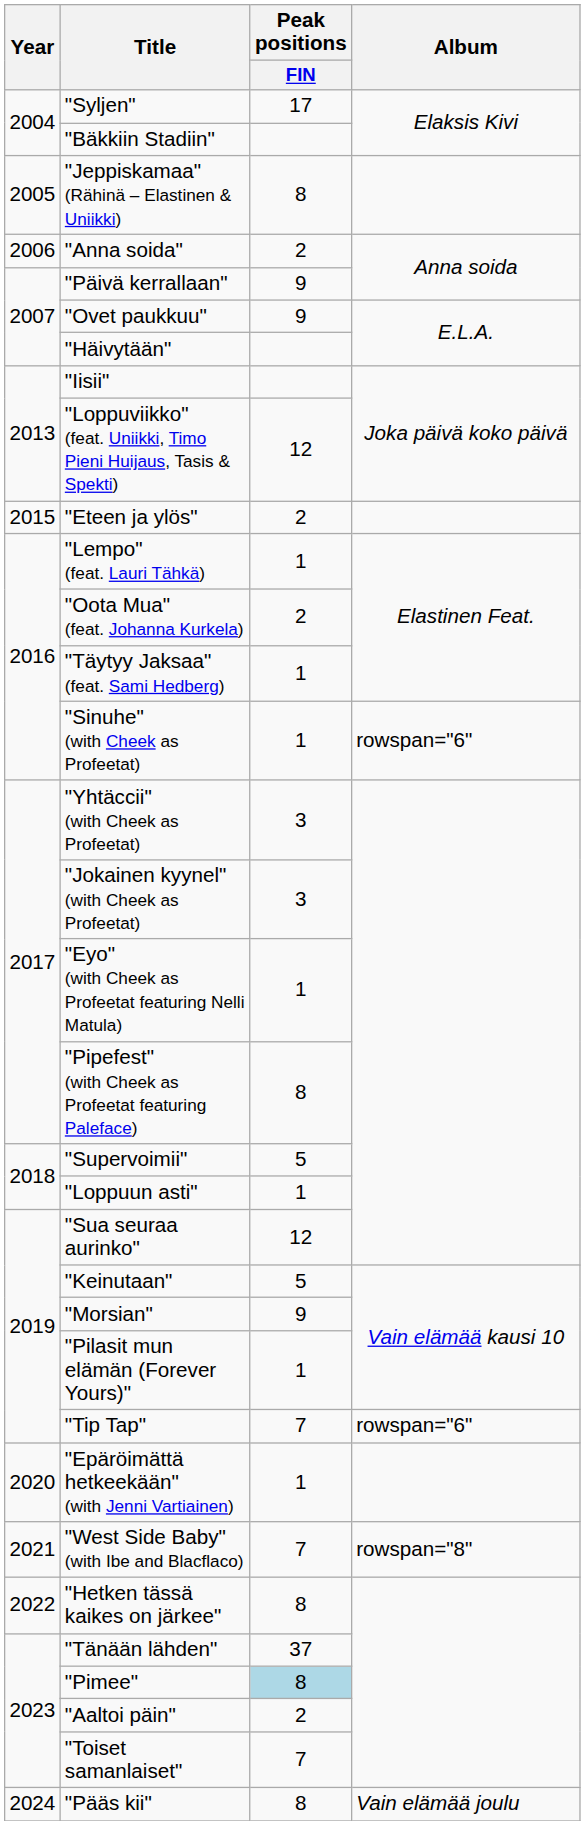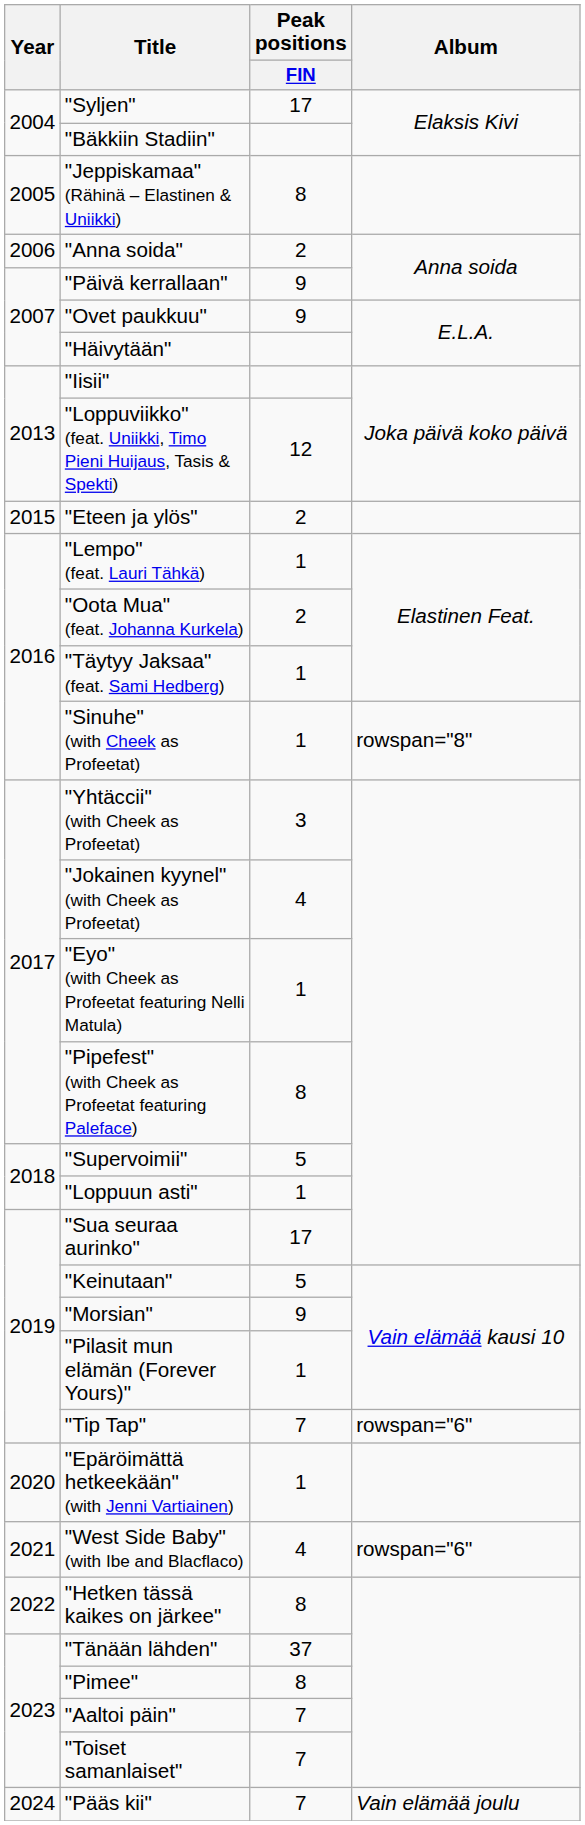 <table class="wikitable">
 <tr>
 <th scope="col" rowspan="2" width="10">Year</th>
 <th scope="col" rowspan="2" width="140">Title</th>
 <th scope="col" colspan="1" width="20">Peak positions</th>
 <th scope="col" rowspan="2" width="170">Album</th>
 </tr>
 <tr>
 <th scope="col" style="width:3em;font-size:90%;"><a href='#'>FIN</a><br></th>
 </tr>
 <tr>
 <td style="text-align:center;" rowspan=2>2004</td>
 <td>"Syljen"</td>
 <td style="text-align:center;">17</td>
 <td style="text-align:center;" rowspan=2><em>Elaksis Kivi</em></td>
 </tr>
 <tr>
 <td>"Bäkkiin Stadiin"</td>
 <td style="text-align:center;"></td>
 </tr>
 <tr>
 <td style="text-align:center;">2005</td>
 <td>"Jeppiskamaa" <br><small>(Rähinä – Elastinen & <a href='#'>Uniikki</a>)</small></td>
 <td style="text-align:center;">8</td>
 <td></td>
 </tr>
 <tr>
 <td style="text-align:center;">2006</td>
 <td>"Anna soida"</td>
 <td style="text-align:center;">2</td>
 <td style="text-align:center;" rowspan=2><em>Anna soida</em></td>
 </tr>
 <tr>
 <td style="text-align:center;" rowspan=3>2007</td>
 <td>"Päivä kerrallaan"</td>
 <td style="text-align:center;">9</td>
 </tr>
 <tr>
 <td>"Ovet paukkuu"</td>
 <td style="text-align:center;">9</td>
 <td style="text-align:center;" rowspan=2><em>E.L.A.</em></td>
 </tr>
 <tr>
 <td>"Häivytään"</td>
 <td style="text-align:center;"></td>
 </tr>
 <tr>
 <td style="text-align:center;" rowspan=2>2013</td>
 <td>"Iisii"</td>
 <td style="text-align:center;"></td>
 <td style="text-align:center;" rowspan=2><em>Joka päivä koko päivä</em></td>
 </tr>
 <tr>
 <td>"Loppuviikko"<br><small>(feat. <a href='#'>Uniikki</a>, <a href='#'>Timo Pieni Huijaus</a>, Tasis & <a href='#'>Spekti</a>)</small></td>
 <td style="text-align:center;">12</td>
 </tr>
 <tr>
 <td style="text-align:center;">2015</td>
 <td>"Eteen ja ylös"</td>
 <td style="text-align:center;">2</td>
 <td></td>
 </tr>
 <tr>
 <td style="text-align:center;" rowspan="4">2016</td>
 <td>"Lempo"<br><small>(feat. <a href='#'>Lauri Tähkä</a>)</small></td>
 <td style="text-align:center;">1</td>
 <td style="text-align:center;" rowspan="3"><em>Elastinen Feat.</em></td>
 </tr>
 <tr>
 <td>"Oota Mua"<br><small>(feat. <a href='#'>Johanna Kurkela</a>)</small></td>
 <td style="text-align:center;">2</td>
 </tr>
 <tr>
 <td>"Täytyy Jaksaa"<br><small>(feat. <a href='#'>Sami Hedberg</a>)</small></td>
 <td style="text-align:center;">1</td>
 </tr>
 <tr>
 <td>"Sinuhe"<br><small>(with <a href='#'>Cheek</a> as Profeetat)</small></td>
 <td style="text-align:center;">1<br></td>
-<td>rowspan="6" </td>
+<td>rowspan="8" </td>
 </tr>
 <tr>
 <td style="text-align:center;" rowspan="4">2017</td>
 <td>"Yhtäccii"<br><small>(with Cheek as Profeetat)</small></td>
 <td style="text-align:center;">3<br></td>
 </tr>
 <tr>
 <td>"Jokainen kyynel"<br><small>(with Cheek as Profeetat)</small></td>
-<td style="text-align:center;">3<br></td>
+<td style="text-align:center;">4<br></td>
 </tr>
 <tr>
 <td>"Eyo"<br><small>(with Cheek as Profeetat featuring Nelli Matula)</small></td>
 <td style="text-align:center;">1<br></td>
 </tr>
 <tr>
 <td>"Pipefest"<br><small>(with Cheek as Profeetat featuring <a href='#'>Paleface</a>)</small></td>
 <td style="text-align:center;">8<br></td>
 </tr>
 <tr>
 <td style="text-align:center;" rowspan="2">2018</td>
 <td>"Supervoimii"</td>
 <td style="text-align:center;">5<br></td>
 </tr>
 <tr>
 <td>"Loppuun asti"</td>
 <td style="text-align:center;">1<br></td>
 </tr>
 <tr>
 <td style="text-align:center;" rowspan="5">2019</td>
 <td>"Sua seuraa aurinko"</td>
-<td style="text-align:center;">12<br></td>
+<td style="text-align:center;">17<br></td>
 </tr>
 <tr>
 <td>"Keinutaan"</td>
 <td style="text-align:center;">5<br></td>
 <td style="text-align:center;" rowspan="3"><em><a href='#'>Vain elämää</a> kausi 10</em></td>
 </tr>
 <tr>
 <td>"Morsian"</td>
 <td style="text-align:center;">9<br></td>
 </tr>
 <tr>
 <td>"Pilasit mun elämän (Forever Yours)"</td>
 <td style="text-align:center;">1<br></td>
 </tr>
 <tr>
 <td>"Tip Tap"</td>
 <td style="text-align:center;">7<br></td>
 <td>rowspan="6" </td>
 </tr>
 <tr>
 <td style="text-align:center;">2020</td>
 <td>"Epäröimättä hetkeekään"<br><small>(with <a href='#'>Jenni Vartiainen</a>)</small></td>
 <td style="text-align:center;">1<br></td>
 <td></td>
 </tr>
 <tr>
 <td style="text-align:center;">2021</td>
 <td>"West Side Baby"<br><small>(with Ibe and Blacflaco)</small></td>
-<td style="text-align:center;">7<br></td>
-<td>rowspan="8" </td>
+<td style="text-align:center;">4<br></td>
+<td>rowspan="6" </td>
 </tr>
 <tr>
 <td style="text-align:center;">2022</td>
 <td>"Hetken tässä kaikes on järkee"<br></td>
 <td style="text-align:center;">8<br></td>
 </tr>
 <tr>
 <td style="text-align:center;" rowspan="4">2023</td>
 <td>"Tänään lähden"</td>
 <td style="text-align:center;">37<br></td>
 </tr>
 <tr>
 <td>"Pimee"<br></td>
-<td style="background: lightblue; text-align:center;">8<br></td>
+<td style="text-align:center;">8<br></td>
 </tr>
 <tr>
 <td>"Aaltoi päin"<br></td>
-<td style="text-align:center;">2<br></td>
+<td style="text-align:center;">7<br></td>
 </tr>
 <tr>
 <td>"Toiset samanlaiset"<br></td>
 <td style="text-align:center;">7<br></td>
 </tr>
 <tr>
 <td style="text-align:center;">2024</td>
 <td>"Pääs kii"</td>
-<td style="text-align:center;">8<br></td>
+<td style="text-align:center;">7<br></td>
 <td><em>Vain elämää joulu</em></td>
 </tr>
 </table>
